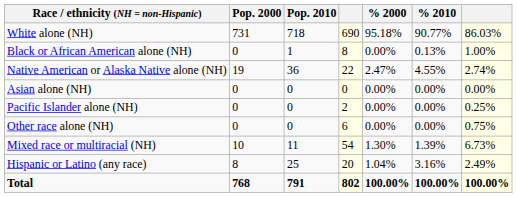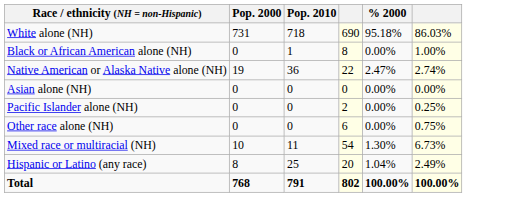 <table class="wikitable">
 <tr>
 <th>Race / ethnicity <small>(<em>NH = non-Hispanic</em>)</small></th>
 <th>Pop. 2000</th>
 <th>Pop. 2010</th>
 <th></th>
 <th>% 2000</th>
-<th>% 2010</th>
 <th></th>
 </tr>
 <tr>
 <td><a href='#'>White</a> alone (NH)</td>
 <td>731</td>
 <td>718</td>
 <td style='background: #ffffe6;'>690</td>
 <td>95.18%</td>
-<td>90.77%</td>
 <td style='background: #ffffe6;'>86.03%</td>
 </tr>
 <tr>
 <td><a href='#'>Black or African American</a> alone (NH)</td>
 <td>0</td>
 <td>1</td>
 <td style='background: #ffffe6;'>8</td>
 <td>0.00%</td>
-<td>0.13%</td>
 <td style='background: #ffffe6;'>1.00%</td>
 </tr>
 <tr>
 <td><a href='#'>Native American</a> or <a href='#'>Alaska Native</a> alone (NH)</td>
 <td>19</td>
 <td>36</td>
 <td style='background: #ffffe6;'>22</td>
 <td>2.47%</td>
-<td>4.55%</td>
 <td style='background: #ffffe6;'>2.74%</td>
 </tr>
 <tr>
 <td><a href='#'>Asian</a> alone (NH)</td>
 <td>0</td>
 <td>0</td>
 <td style='background: #ffffe6;'>0</td>
-<td>0.00%</td>
 <td>0.00%</td>
 <td style='background: #ffffe6;'>0.00%</td>
 </tr>
 <tr>
 <td><a href='#'>Pacific Islander</a> alone (NH)</td>
 <td>0</td>
 <td>0</td>
 <td style='background: #ffffe6;'>2</td>
 <td>0.00%</td>
-<td>0.00%</td>
 <td style='background: #ffffe6;'>0.25%</td>
 </tr>
 <tr>
 <td><a href='#'>Other race</a> alone (NH)</td>
 <td>0</td>
 <td>0</td>
 <td style='background: #ffffe6;'>6</td>
-<td>0.00%</td>
 <td>0.00%</td>
 <td style='background: #ffffe6;'>0.75%</td>
 </tr>
 <tr>
 <td><a href='#'>Mixed race or multiracial</a> (NH)</td>
 <td>10</td>
 <td>11</td>
 <td style='background: #ffffe6;'>54</td>
 <td>1.30%</td>
-<td>1.39%</td>
 <td style='background: #ffffe6;'>6.73%</td>
 </tr>
 <tr>
 <td><a href='#'>Hispanic or Latino</a> (any race)</td>
 <td>8</td>
 <td>25</td>
 <td style='background: #ffffe6;'>20</td>
 <td>1.04%</td>
-<td>3.16%</td>
 <td style='background: #ffffe6;'>2.49%</td>
 </tr>
 <tr>
 <td><strong>Total</strong></td>
 <td><strong>768</strong></td>
 <td><strong>791</strong></td>
 <td style='background: #ffffe6;'><strong>802</strong></td>
 <td><strong>100.00%</strong></td>
-<td><strong>100.00%</strong></td>
 <td style='background: #ffffe6;'><strong>100.00%</strong></td>
 </tr>
 </table>
